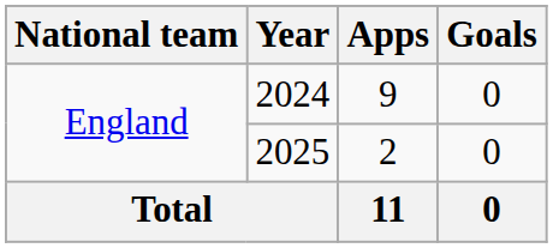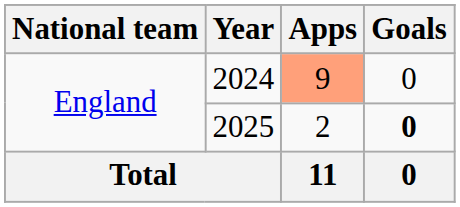 <table class="wikitable" style="text-align: center;">
 <tr>
 <th>National team</th>
 <th>Year</th>
 <th>Apps</th>
 <th>Goals</th>
 </tr>
 <tr>
 <td rowspan="2"><a href='#'>England</a></td>
 <td>2024</td>
-<td>9</td>
+<td style="background: lightsalmon;">9</td>
 <td>0</td>
 </tr>
 <tr>
 <td>2025</td>
 <td>2</td>
-<td>0</td>
+<td><strong>0</strong></td>
 </tr>
 <tr>
 <th colspan="2">Total</th>
 <th>11</th>
 <th>0</th>
 </tr>
 </table>
